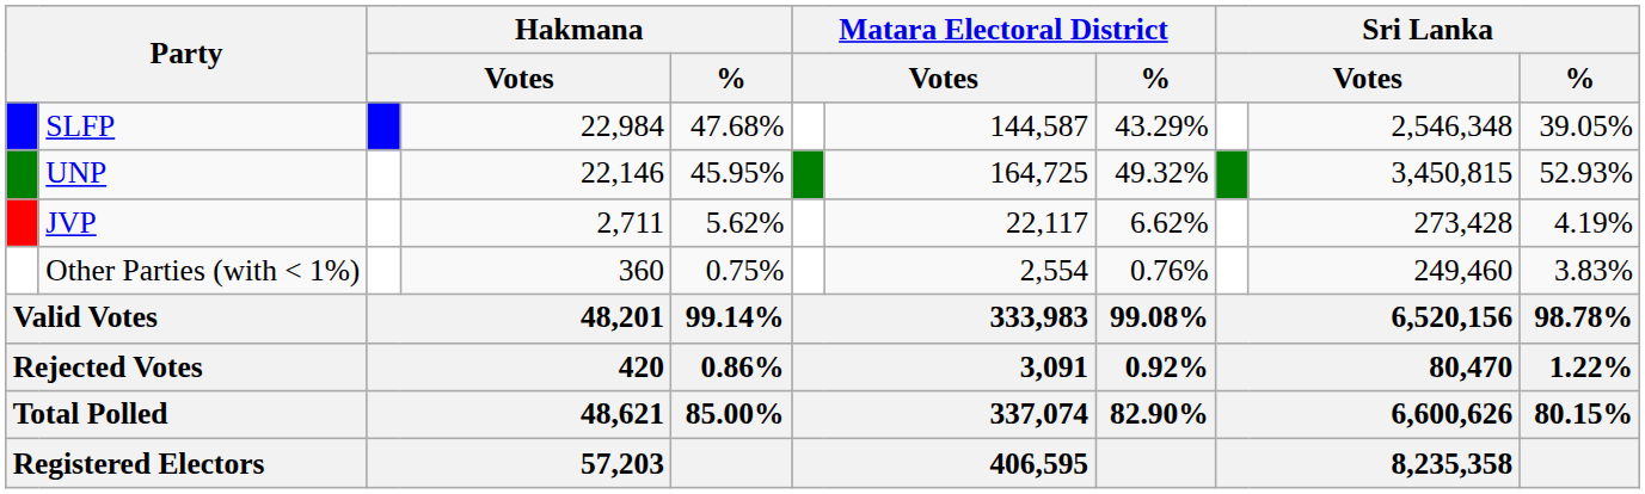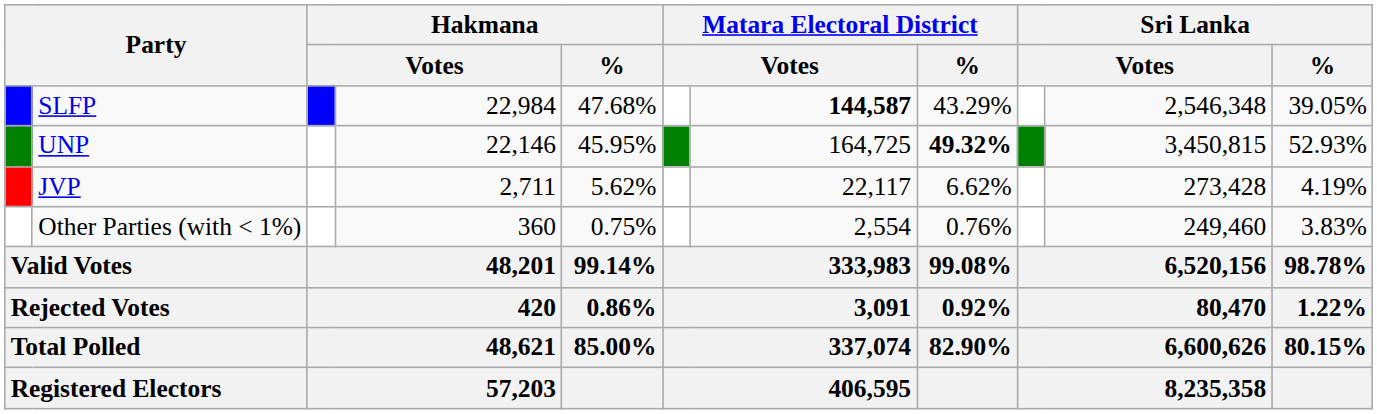 <table class="wikitable">
 <tr>
 <th colspan="2" width="144px"rowspan="2">Party</th>
 <th colspan="3" width="216px">Hakmana</th>
 <th colspan="3" width="216px"><a href='#'>Matara Electoral District</a></th>
 <th colspan="3" width="216px">Sri Lanka</th>
 </tr>
 <tr>
 <th colspan="2" width="144px">Votes</th>
 <th>%</th>
 <th colspan="2" width="144px">Votes</th>
 <th>%</th>
 <th colspan="2" width="144px">Votes</th>
 <th>%</th>
 </tr>
 <tr>
 <td style="background-color:blue;" width="10px"></td>
 <td style="text-align:left;"><a href='#'>SLFP</a></td>
 <td style="background-color:blue;" width="10px"></td>
 <td style="text-align:right;">22,984</td>
 <td style="text-align:right;">47.68%</td>
 <td style="background-color:white;" width="10px"></td>
-<td style="text-align:right;">144,587</td>
+<td style="text-align:right;"><strong>144,587</strong></td>
 <td style="text-align:right;">43.29%</td>
 <td style="background-color:white;" width="10px"></td>
 <td style="text-align:right;">2,546,348</td>
 <td style="text-align:right;">39.05%</td>
 </tr>
 <tr>
 <td style="background-color:green;" width="10px"></td>
 <td style="text-align:left;"><a href='#'>UNP</a></td>
 <td style="background-color:white;" width="10px"></td>
 <td style="text-align:right;">22,146</td>
 <td style="text-align:right;">45.95%</td>
 <td style="background-color:green;" width="10px"></td>
 <td style="text-align:right;">164,725</td>
-<td style="text-align:right;">49.32%</td>
+<td style="text-align:right;"><strong>49.32%</strong></td>
 <td style="background-color:green;" width="10px"></td>
 <td style="text-align:right;">3,450,815</td>
 <td style="text-align:right;">52.93%</td>
 </tr>
 <tr>
 <td style="background-color:red;" width="10px"></td>
 <td style="text-align:left;"><a href='#'>JVP</a></td>
 <td style="background-color:white;" width="10px"></td>
 <td style="text-align:right;">2,711</td>
 <td style="text-align:right;">5.62%</td>
 <td style="background-color:white;" width="10px"></td>
 <td style="text-align:right;">22,117</td>
 <td style="text-align:right;">6.62%</td>
 <td style="background-color:white;" width="10px"></td>
 <td style="text-align:right;">273,428</td>
 <td style="text-align:right;">4.19%</td>
 </tr>
 <tr>
 <td style="background-color:white;" width="10px"></td>
 <td style="text-align:left;">Other Parties (with < 1%)</td>
 <td style="background-color:white;" width="10px"></td>
 <td style="text-align:right;">360</td>
 <td style="text-align:right;">0.75%</td>
 <td style="background-color:white;" width="10px"></td>
 <td style="text-align:right;">2,554</td>
 <td style="text-align:right;">0.76%</td>
 <td style="background-color:white;" width="10px"></td>
 <td style="text-align:right;">249,460</td>
 <td style="text-align:right;">3.83%</td>
 </tr>
 <tr>
 <th colspan="2" width="144px"style="text-align:left;">Valid Votes</th>
 <th style="text-align:right;"colspan="2" width="144px">48,201</th>
 <th style="text-align:right;">99.14%</th>
 <th style="text-align:right;"colspan="2" width="144px">333,983</th>
 <th style="text-align:right;">99.08%</th>
 <th style="text-align:right;"colspan="2" width="144px">6,520,156</th>
 <th style="text-align:right;">98.78%</th>
 </tr>
 <tr>
 <th colspan="2" width="144px"style="text-align:left;">Rejected Votes</th>
 <th style="text-align:right;"colspan="2" width="144px">420</th>
 <th style="text-align:right;">0.86%</th>
 <th style="text-align:right;"colspan="2" width="144px">3,091</th>
 <th style="text-align:right;">0.92%</th>
 <th style="text-align:right;"colspan="2" width="144px">80,470</th>
 <th style="text-align:right;">1.22%</th>
 </tr>
 <tr>
 <th colspan="2" width="144px"style="text-align:left;">Total Polled</th>
 <th style="text-align:right;"colspan="2" width="144px">48,621</th>
 <th style="text-align:right;">85.00%</th>
 <th style="text-align:right;"colspan="2" width="144px">337,074</th>
 <th style="text-align:right;">82.90%</th>
 <th style="text-align:right;"colspan="2" width="144px">6,600,626</th>
 <th style="text-align:right;">80.15%</th>
 </tr>
 <tr>
 <th colspan="2" width="144px"style="text-align:left;">Registered Electors</th>
 <th style="text-align:right;"colspan="2" width="144px">57,203</th>
 <th></th>
 <th style="text-align:right;"colspan="2" width="144px">406,595</th>
 <th></th>
 <th style="text-align:right;"colspan="2" width="144px">8,235,358</th>
 <th></th>
 </tr>
 </table>
